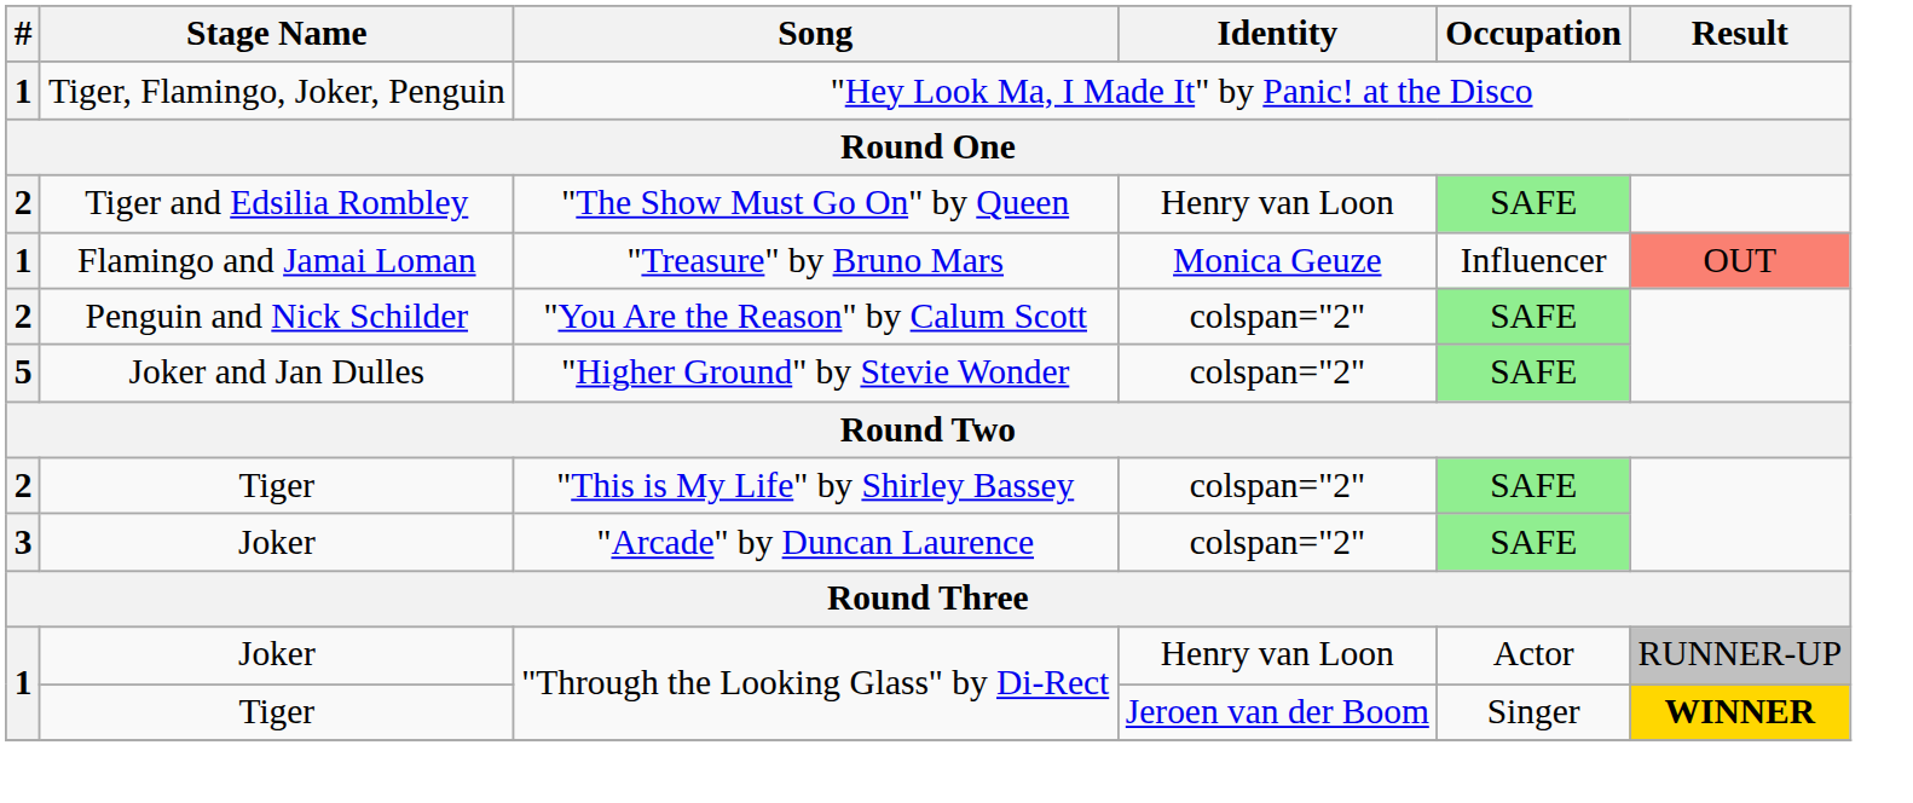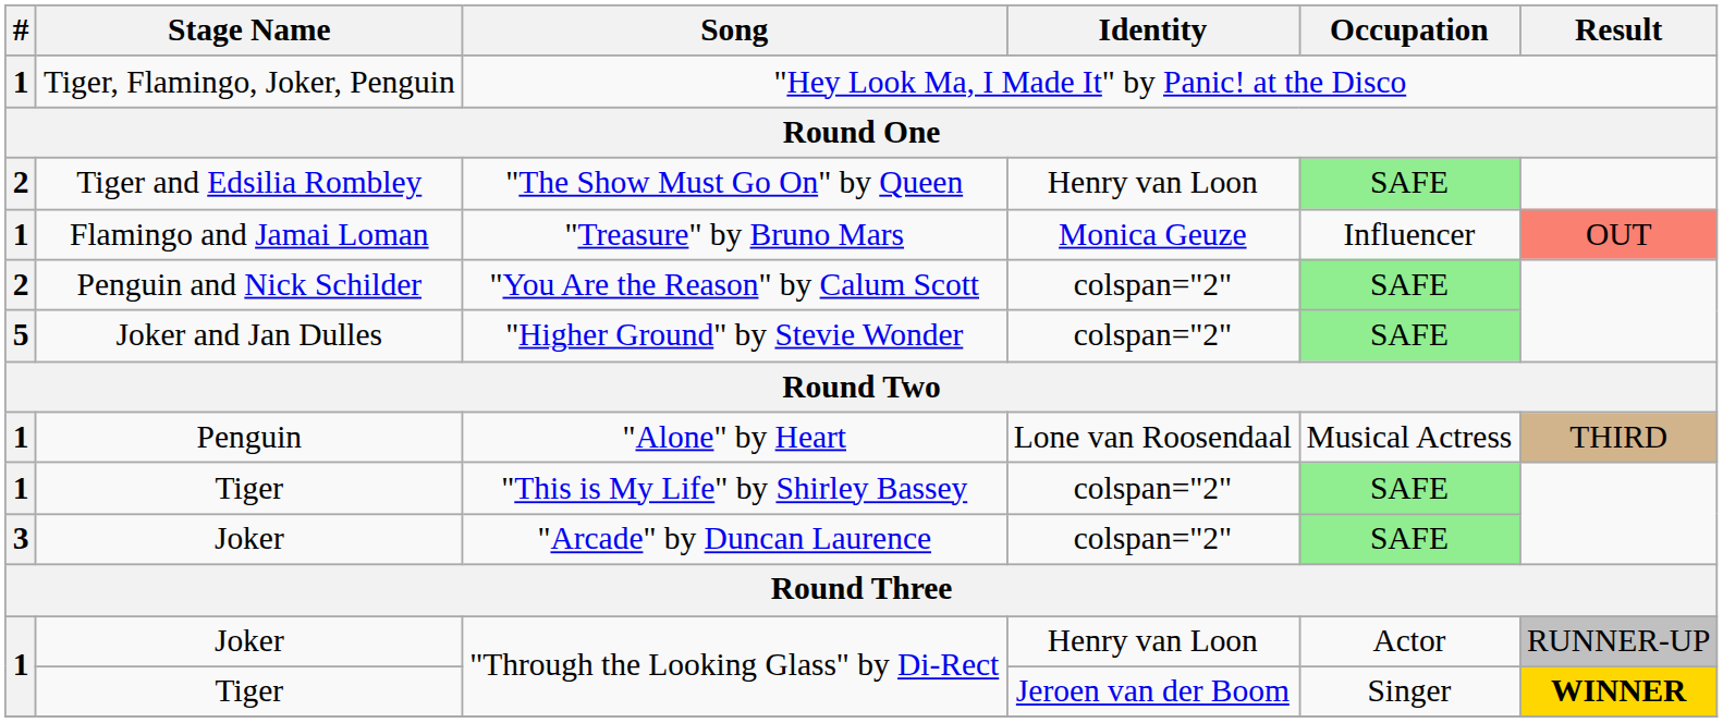 <table class="wikitable plainrowheaders" style="text-align: center;">
 <tr>
 <th>#</th>
 <th>Stage Name</th>
 <th>Song</th>
 <th>Identity</th>
 <th>Occupation</th>
 <th>Result</th>
 </tr>
 <tr>
 <th>1</th>
 <td>Tiger, Flamingo, Joker, Penguin</td>
 <td colspan="4">"<a href='#'>Hey Look Ma, I Made It</a>" by <a href='#'>Panic! at the Disco</a></td>
 </tr>
 <tr>
 <th colspan="6">Round One</th>
 </tr>
 <tr>
 <th>2</th>
 <td>Tiger and <a href='#'>Edsilia Rombley</a></td>
 <td>"<a href='#'>The Show Must Go On</a>" by <a href='#'>Queen</a></td>
 <td>Henry van Loon</td>
 <td bgcolor="lightgreen">SAFE</td>
 </tr>
 <tr>
 <th>1</th>
 <td>Flamingo and <a href='#'>Jamai Loman</a></td>
 <td>"<a href='#'>Treasure</a>" by <a href='#'>Bruno Mars</a></td>
 <td><a href='#'>Monica Geuze</a></td>
 <td>Influencer</td>
 <td bgcolor="salmon">OUT</td>
 </tr>
 <tr>
 <th>2</th>
 <td>Penguin and <a href='#'>Nick Schilder</a></td>
 <td>"<a href='#'>You Are the Reason</a>" by <a href='#'>Calum Scott</a></td>
 <td>colspan="2" </td>
 <td bgcolor="lightgreen">SAFE</td>
 </tr>
 <tr>
 <th>5</th>
 <td>Joker and Jan Dulles</td>
 <td>"<a href='#'>Higher Ground</a>" by <a href='#'>Stevie Wonder</a></td>
 <td>colspan="2" </td>
 <td bgcolor="lightgreen">SAFE</td>
 </tr>
 <tr>
 <th colspan="6">Round Two</th>
 </tr>
 <tr>
-<th>2</th>
+<th>1</th>
+<td>Penguin</td>
+<td>"<a href='#'>Alone</a>" by <a href='#'>Heart</a></td>
+<td>Lone van Roosendaal</td>
+<td>Musical Actress</td>
+<td bgcolor="tan">THIRD</td>
+</tr>
+<tr>
+<th>1</th>
 <td>Tiger</td>
 <td>"<a href='#'>This is My Life</a>" by <a href='#'>Shirley Bassey</a></td>
 <td>colspan="2" </td>
 <td bgcolor="lightgreen">SAFE</td>
 </tr>
 <tr>
 <th>3</th>
 <td>Joker</td>
 <td>"<a href='#'>Arcade</a>" by <a href='#'>Duncan Laurence</a></td>
 <td>colspan="2" </td>
 <td bgcolor="lightgreen">SAFE</td>
 </tr>
 <tr>
 <th colspan="6">Round Three</th>
 </tr>
 <tr>
 <th rowspan="2">1</th>
 <td>Joker</td>
 <td rowspan="2">"Through the Looking Glass" by <a href='#'>Di-Rect</a></td>
 <td>Henry van Loon</td>
 <td>Actor</td>
 <td bgcolor="silver">RUNNER-UP</td>
 </tr>
 <tr>
 <td>Tiger</td>
 <td><a href='#'>Jeroen van der Boom</a></td>
 <td>Singer</td>
 <td bgcolor="gold"><strong>WINNER</strong></td>
 </tr>
 <tr>
 </tr>
 </table>
